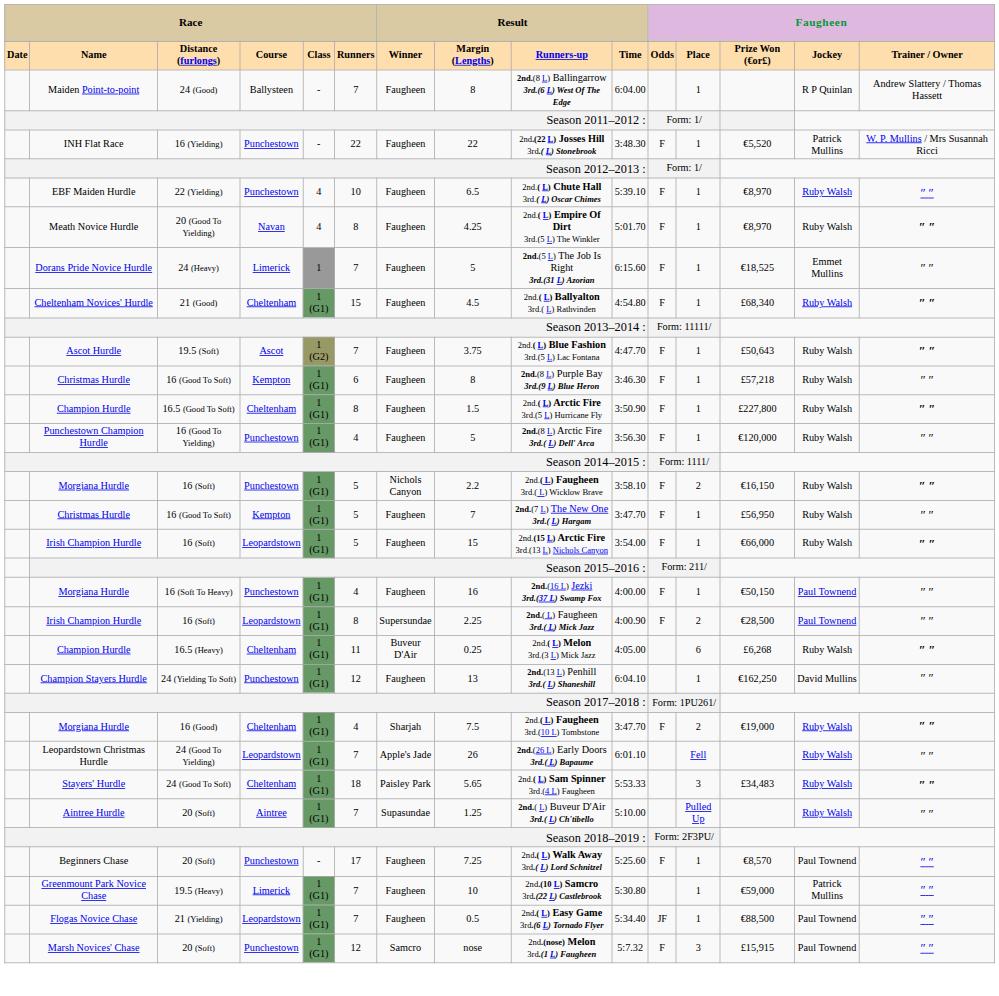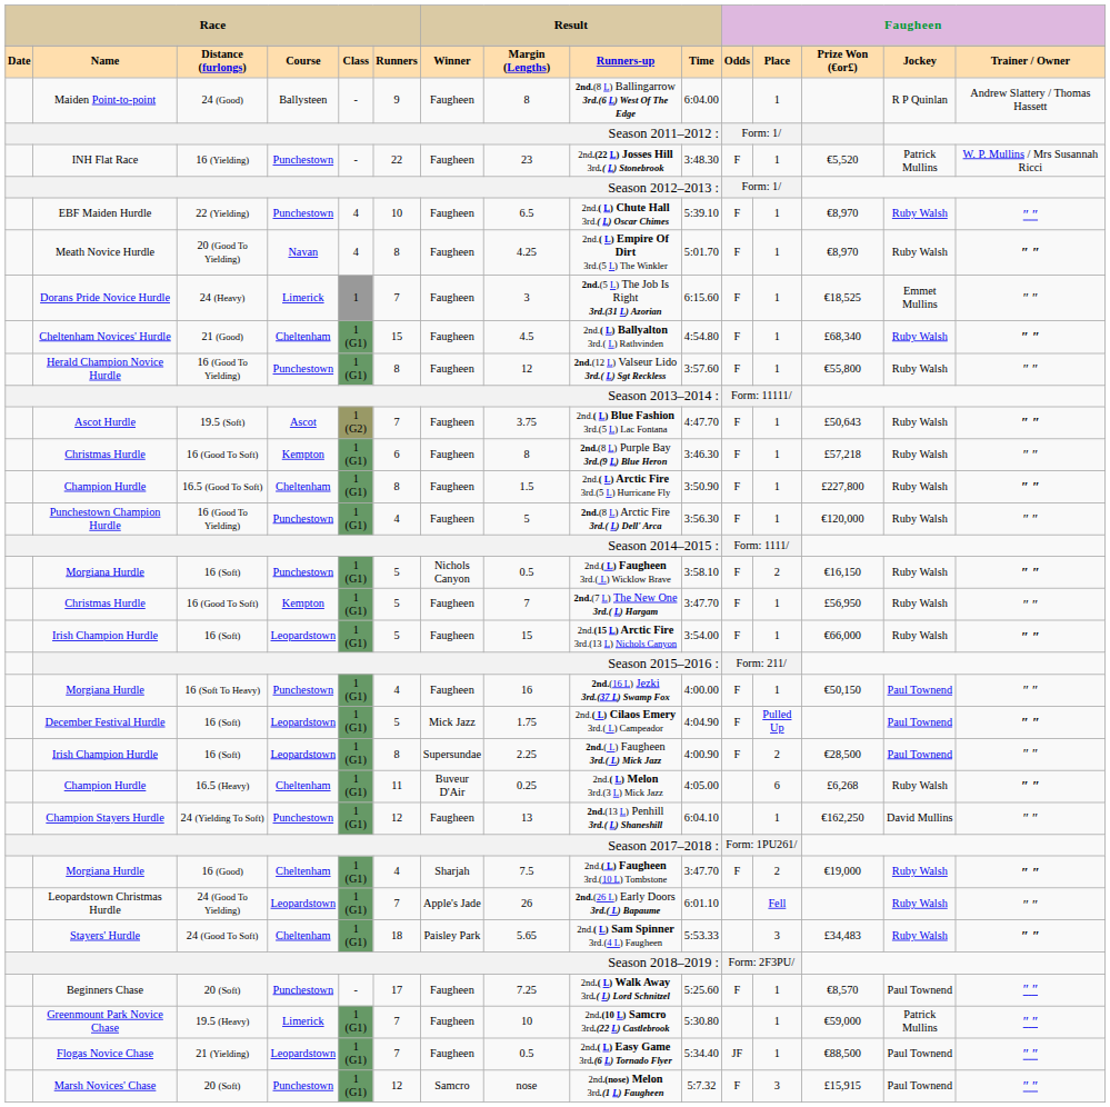 <table class = "wikitable sortable" | border="1" cellpadding="1" style="text-align:center; margin-left:1em; float:center; border-collapse: collapse; font-size:80%">
 <tr>
 <th colspan="6" style="background-color: #dacaa4; height:40px;font-size:90%"><big>Race</big></th>
 <th colspan="4" style="background-color: #dacaa4;height:40px;font-size:90%"><big>Result</big></th>
 <th colspan="5" style="background-color: #DEB8DF; color:#009933; letter-spacing: 0.75px;height:40px;font-size:92%"><big>Faugheen</big></th>
 </tr>
 <tr>
 </tr>
 <tr style="background:#FAEBD7; text-align:center;">
 <th style="background-color:#ffdead;">Date</th>
 <th style="background-color:#ffdead;" class="unsortable">Name</th>
 <th style="background-color:#ffdead;">Distance (<a href='#'>furlongs</a>)</th>
 <th style="background-color:#ffdead;">Course</th>
 <th style="background-color:#ffdead;">Class</th>
 <th style="background-color:#ffdead;" data-sort-type="number">Runners</th>
 <th style="background-color:#ffdead;" width="60px">Winner</th>
 <th style="background-color:#ffdead;" data-sort-type="number">Margin (<a href='#'>Lengths</a>)</th>
 <th style="background-color:#ffdead;" class="unsortable" width="120px"><a href='#'>Runners-up</a></th>
 <th style="background-color:#ffdead;">Time</th>
 <th style="background-color:#ffdead; ">Odds</th>
 <th style="background-color:#ffdead; " data-sort-type="number">Place</th>
 <th style="background-color:#ffdead; " data-sort-type="number">Prize Won (€or£)</th>
 <th style="background-color:#ffdead; ">Jockey</th>
 <th style="background-color:#ffdead;  ">Trainer / Owner</th>
 </tr>
 <tr>
 <td cellpadding="3" style="text-align:right;"><a href='#'></a></td>
 <td>Maiden <a href='#'>Point-to-point</a></td>
 <td>24 <small>(Good)</small></td>
 <td>Ballysteen</td>
 <td>-</td>
-<td>7</td>
+<td>9</td>
 <td>Faugheen</td>
 <td>8</td>
 <td><small><strong>2nd.</strong>(8 <a href='#'>L</a>)</small> Ballingarrow<br><small><strong><em>3rd<em>.<strong>(6 <a href='#'>L</a>) West Of The Edge</small></td>
 <td>6:04.00</td>
 <td></td>
 <td>1</td>
 <td></td>
 <td>R P Quinlan</td>
 <td>Andrew Slattery  / Thomas Hassett </td>
 </tr>
 <tr>
 <th colspan="10" style="text-align:right;font-weight: normal;"><big>Season 2011–2012 :</big></th>
 <th colspan="2" style="text-align:center;font-weight: normal;">Form: 1/</th>
 <th style="text-align:center;font-weight: normal;"></th>
 </tr>
 <tr>
 <td style="text-align:right;"><a href='#'></a></td>
 <td>INH Flat Race</td>
 <td>16 <small>(Yielding)</small></td>
 <td><a href='#'>Punchestown</a></td>
 <td>-</td>
 <td>22</td>
 <td>Faugheen</td>
-<td>22</td>
+<td>23</td>
 <td><small></strong>2nd<strong>.(22 <a href='#'>L</a>)</small> Josses Hill<br><small></em></strong>3rd<strong><em>.( <a href='#'>L</a>) Stonebrook</small></td>
 <td>3:48.30</td>
 <td>F</td>
 <td>1</td>
 <td>€5,520</td>
 <td>Patrick Mullins</td>
 <td><a href='#'>W. P. Mullins</a> / Mrs Susannah Ricci</td>
 </tr>
 <tr>
 <th colspan="10" style="text-align:right;font-weight: normal;"><big>Season 2012–2013 :</big></th>
 <th colspan="2" style="text-align:center;font-weight: normal;">Form: 1/</th>
 </tr>
 <tr>
 <td style="text-align:right;"><a href='#'></a></td>
 <td>EBF Maiden Hurdle</td>
 <td>22 <small>(Yielding)</small></td>
 <td><a href='#'>Punchestown</a></td>
 <td>4</td>
 <td>10</td>
 <td>Faugheen</td>
 <td>6.5</td>
 <td><small></strong>2nd.<strong>( <a href='#'>L</a>)</small> Chute Hall<br><small></em></strong>3rd.<strong><em>( <a href='#'>L</a>) Oscar Chimes</small></td>
 <td>5:39.10</td>
 <td>F</td>
 <td>1</td>
 <td>€8,970</td>
 <td><a href='#'>Ruby Walsh</a></td>
 <td><a href='#'><big> </strong>″<strong> </strong>″<strong> </big></a></td>
 </tr>
 <tr>
 <td style="text-align:right;"><a href='#'></a></td>
 <td>Meath Novice Hurdle</td>
 <td>20 <small>(Good To Yielding)</small></td>
 <td><a href='#'>Navan</a></td>
 <td>4</td>
 <td>8</td>
 <td>Faugheen</td>
 <td>4.25</td>
 <td><small></strong>2nd.<strong>( <a href='#'>L</a>)</small> Empire Of Dirt <br><small></em></strong>3rd</em>.</strong>(5 <a href='#'>L</a>) The Winkler </small></td>
 <td>5:01.70</td>
 <td>F</td>
 <td>1</td>
 <td>€8,970</td>
 <td>Ruby Walsh</td>
 <td><big> <strong>″</strong> <strong>″</strong> </big></td>
 </tr>
 <tr>
 <td style="text-align:right;"><a href='#'></a></td>
 <td><a href='#'>Dorans Pride Novice Hurdle</a></td>
 <td>24 <small>(Heavy)</small></td>
 <td><a href='#'>Limerick</a></td>
 <td style="background:#999999;">1  </td>
 <td>7</td>
 <td>Faugheen</td>
-<td>5</td>
+<td>3</td>
 <td><small><strong>2nd.</strong>(5 <a href='#'>L</a>)</small> The Job Is Right<br><small><strong><em>3rd<em>.<strong>(31 <a href='#'>L</a>) Azorian </small></td>
 <td>6:15.60</td>
 <td>F</td>
 <td>1</td>
 <td>€18,525</td>
 <td>Emmet Mullins</td>
 <td><big> </strong>″<strong> </strong>″<strong> </big></td>
 </tr>
 <tr>
 <td style="text-align:right;"><a href='#'></a></td>
 <td><a href='#'>Cheltenham Novices' Hurdle</a></td>
 <td>21 <small>(Good)</small></td>
 <td><a href='#'>Cheltenham</a></td>
 <td style="background:#669966;">1 (G1)</td>
 <td>15</td>
 <td>Faugheen</td>
 <td>4.5</td>
 <td><small></strong>2nd.<strong>( <a href='#'>L</a>)</small> Ballyalton <br><small></em></strong>3rd</em>.</strong>( <a href='#'>L</a>) Rathvinden </small></td>
 <td>4:54.80</td>
 <td>F</td>
 <td>1</td>
 <td>£68,340</td>
 <td><a href='#'>Ruby Walsh</a></td>
 <td><big> <strong>″</strong> <strong>″</strong> </big></td>
+</tr>
+<tr>
+<td style="text-align:right;"><a href='#'></a></td>
+<td><a href='#'>Herald Champion Novice Hurdle</a></td>
+<td>16 <small>(Good To Yielding)</small></td>
+<td><a href='#'>Punchestown</a></td>
+<td style="background:#669966;">1 (G1)</td>
+<td>8</td>
+<td>Faugheen</td>
+<td>12</td>
+<td><small><strong>2nd.</strong>(12 <a href='#'>L</a>)</small> Valseur Lido <br> <small><strong><em>3rd<em>.<strong>( <a href='#'>L</a>) Sgt Reckless </small></td>
+<td>3:57.60</td>
+<td>F</td>
+<td>1</td>
+<td>€55,800</td>
+<td>Ruby Walsh</td>
+<td><big> </strong>″<strong> </strong>″<strong> </big></td>
 </tr>
 <tr>
 <th colspan="10" style="text-align:right;font-weight: normal;"><big>Season 2013–2014 :</big></th>
 <th colspan="2" style="text-align:center;font-weight: normal;">Form: 11111/</th>
 </tr>
 <tr>
 <td style="text-align:right;"><a href='#'></a></td>
 <td><a href='#'>Ascot Hurdle</a></td>
 <td>19.5 <small>(Soft)</small></td>
 <td><a href='#'>Ascot</a></td>
 <td style="background:#999966;">1 (G2)</td>
 <td>7</td>
 <td>Faugheen</td>
 <td>3.75</td>
 <td><small></strong>2nd.<strong>( <a href='#'>L</a>)</small> Blue Fashion <br> <small></em></strong>3rd</em>.</strong>(5 <a href='#'>L</a>) Lac Fontana </small></td>
 <td>4:47.70</td>
 <td>F</td>
 <td>1</td>
 <td>£50,643</td>
 <td>Ruby Walsh</td>
 <td><big> <strong>″</strong> <strong>″</strong> </big></td>
 </tr>
 <tr>
 <td style="text-align:right;"><a href='#'></a></td>
 <td><a href='#'>Christmas Hurdle</a></td>
 <td>16 <small>(Good To Soft)</small></td>
 <td><a href='#'>Kempton</a></td>
 <td style="background:#669966;">1 (G1)</td>
 <td>6</td>
 <td>Faugheen</td>
 <td>8</td>
 <td><small><strong>2nd.</strong>(8 <a href='#'>L</a>)</small> Purple Bay <br> <small><strong><em>3rd<em>.<strong>(9 <a href='#'>L</a>) Blue Heron </small></td>
 <td>3:46.30</td>
 <td>F</td>
 <td>1</td>
 <td>£57,218</td>
 <td>Ruby Walsh</td>
 <td><big> </strong>″<strong> </strong>″<strong> </big></td>
 </tr>
 <tr>
 <td style="text-align:right;"><a href='#'></a></td>
 <td><a href='#'>Champion Hurdle</a></td>
 <td>16.5 <small>(Good To Soft)</small></td>
 <td><a href='#'>Cheltenham</a></td>
 <td style="background:#669966;">1 (G1)</td>
 <td>8</td>
 <td>Faugheen</td>
 <td>1.5</td>
 <td><small></strong>2nd.<strong>( <a href='#'>L</a>)</small> Arctic Fire <br> <small></em></strong>3rd</em>.</strong>(5 <a href='#'>L</a>) Hurricane Fly </small></td>
 <td>3:50.90</td>
 <td>F</td>
 <td>1</td>
 <td>£227,800</td>
 <td>Ruby Walsh</td>
 <td><big> <strong>″</strong> <strong>″</strong> </big></td>
 </tr>
 <tr>
 <td style="text-align:right;"><a href='#'></a></td>
 <td><a href='#'>Punchestown Champion Hurdle</a></td>
 <td>16 <small>(Good To Yielding)</small></td>
 <td><a href='#'>Punchestown</a></td>
 <td style="background:#669966;">1 (G1)</td>
 <td>4</td>
 <td>Faugheen</td>
 <td>5</td>
 <td><small><strong>2nd.</strong>(8 <a href='#'>L</a>)</small> Arctic Fire <br> <small><strong><em>3rd<em>.<strong>( <a href='#'>L</a>) Dell' Arca </small></td>
 <td>3:56.30</td>
 <td>F</td>
 <td>1</td>
 <td>€120,000</td>
 <td>Ruby Walsh</td>
 <td><big> </strong>″<strong> </strong>″<strong> </big></td>
 </tr>
 <tr>
 <th colspan="10" style="text-align:right;font-weight: normal;"><big>Season 2014–2015 :</big></th>
 <th colspan="2" style="text-align:center;font-weight: normal;">Form: 1111/</th>
 </tr>
 <tr>
 <td style="text-align:right;"><a href='#'></a></td>
 <td><a href='#'>Morgiana Hurdle</a></td>
 <td>16 <small>(Soft)</small></td>
 <td><a href='#'>Punchestown</a></td>
 <td style="background:#669966;">1 (G1)</td>
 <td>5</td>
 <td>Nichols Canyon</td>
-<td>2.2</td>
+<td>0.5</td>
 <td><small></strong>2nd.<strong>(<a href='#'> L</a>)</small> Faugheen <br> <small></em></strong>3rd</em>.</strong>(<a href='#'> L</a>) Wicklow Brave </small></td>
 <td>3:58.10</td>
 <td>F</td>
 <td>2</td>
 <td>€16,150</td>
 <td>Ruby Walsh</td>
 <td><big> <strong>″</strong> <strong>″</strong> </big></td>
 </tr>
 <tr>
 <td style="text-align:right;"><a href='#'></a></td>
 <td><a href='#'>Christmas Hurdle</a></td>
 <td>16 <small>(Good To Soft)</small></td>
 <td><a href='#'>Kempton</a></td>
 <td style="background:#669966;">1 (G1)</td>
 <td>5</td>
 <td>Faugheen</td>
 <td>7</td>
 <td><small><strong>2nd.</strong>(7 <a href='#'>L</a>)</small> <a href='#'>The New One</a> <br> <small><strong><em>3rd<em>.<strong>( <a href='#'>L</a>) Hargam </small></td>
 <td>3:47.70</td>
 <td>F</td>
 <td>1</td>
 <td>£56,950</td>
 <td>Ruby Walsh</td>
 <td><big> </strong>″<strong> </strong>″<strong> </big></td>
 </tr>
 <tr>
 <td style="text-align:right;"><a href='#'></a></td>
 <td><a href='#'>Irish Champion Hurdle</a></td>
 <td>16 <small>(Soft)</small></td>
 <td><a href='#'>Leopardstown</a></td>
 <td style="background:#669966;">1 (G1)</td>
 <td>5</td>
 <td>Faugheen</td>
 <td>15</td>
 <td><small></strong>2nd.<strong>(15 <a href='#'>L</a>)</small> Arctic Fire <br> <small></em></strong>3rd</em>.</strong>(13 <a href='#'>L</a>) <a href='#'>Nichols Canyon</a></small></td>
 <td>3:54.00</td>
 <td>F</td>
 <td>1</td>
 <td>€66,000</td>
 <td>Ruby Walsh</td>
 <td><big> <strong>″</strong> <strong>″</strong> </big></td>
 </tr>
 <tr>
 <td style="text-align:right;"><a href='#'></a></td>
 <th colspan="9" style="text-align:right;font-weight: normal;"><big>Season 2015–2016 :</big></th>
 <th colspan="2" style="text-align:center;font-weight: normal;">Form: 211/</th>
 </tr>
 <tr>
 <td style="text-align:right;"><a href='#'></a></td>
 <td><a href='#'>Morgiana Hurdle</a></td>
 <td>16 <small>(Soft To Heavy)</small></td>
 <td><a href='#'>Punchestown</a></td>
 <td style="background:#669966;">1 (G1)</td>
 <td>4</td>
 <td>Faugheen</td>
 <td>16</td>
 <td><small><strong>2nd.</strong>(<a href='#'>16 L</a>)</small> <a href='#'>Jezki</a><br> <small><strong><em>3rd<em>.<strong>(<a href='#'>37 L</a>) Swamp Fox </small></td>
 <td>4:00.00</td>
 <td>F</td>
 <td>1</td>
 <td>€50,150</td>
 <td><a href='#'>Paul Townend</a></td>
 <td><big> </strong>″<strong> </strong>″<strong> </big></td>
+</tr>
+<tr>
+<td style="text-align:right;"><a href='#'></a></td>
+<td><a href='#'>December Festival Hurdle</a></td>
+<td>16 <small>(Soft)</small></td>
+<td><a href='#'>Leopardstown</a></td>
+<td style="background:#669966;">1 (G1)</td>
+<td>5</td>
+<td>Mick Jazz</td>
+<td>1.75</td>
+<td><small></strong>2nd.<strong>(<a href='#'> L</a>)</small> Cilaos Emery <br> <small></em></strong>3rd</em>.</strong>(<a href='#'> L</a>) Campeador </small></td>
+<td>4:04.90</td>
+<td>F</td>
+<td><a href='#'>Pulled Up</a></td>
+<td></td>
+<td><a href='#'>Paul Townend</a></td>
+<td><big> <strong>″</strong> <strong>″</strong> </big></td>
 </tr>
 <tr>
 <td style="text-align:right;"><a href='#'></a></td>
 <td><a href='#'>Irish Champion Hurdle</a></td>
 <td>16 <small>(Soft)</small></td>
 <td><a href='#'>Leopardstown</a></td>
 <td style="background:#669966;">1 (G1)</td>
 <td>8</td>
 <td>Supersundae</td>
 <td>2.25</td>
 <td><small><strong>2nd.</strong>(<a href='#'> L</a>)</small> Faugheen <br> <small><strong><em>3rd<em>.<strong>(<a href='#'> L</a>) Mick Jazz </small></td>
 <td>4:00.90</td>
 <td>F</td>
 <td>2</td>
 <td>€28,500</td>
 <td><a href='#'>Paul Townend</a></td>
 <td><big> </strong>″<strong> </strong>″<strong> </big></td>
 </tr>
 <tr>
 <td style="text-align:right;"><a href='#'></a></td>
 <td><a href='#'>Champion Hurdle</a></td>
 <td>16.5 <small>(Heavy)</small></td>
 <td><a href='#'>Cheltenham</a></td>
 <td style="background:#669966;">1 (G1)</td>
 <td>11</td>
 <td>Buveur D'Air</td>
 <td>0.25</td>
 <td><small></strong>2nd.<strong>( <a href='#'>L</a>)</small> Melon <br> <small></em></strong>3rd</em>.</strong>(3 <a href='#'>L</a>) Mick Jazz </small></td>
 <td>4:05.00</td>
 <td></td>
 <td>6</td>
 <td>£6,268</td>
 <td>Ruby Walsh</td>
 <td><big> <strong>″</strong> <strong>″</strong> </big></td>
 </tr>
 <tr>
 <td style="text-align:right;"><a href='#'></a></td>
 <td><a href='#'>Champion Stayers Hurdle</a></td>
 <td>24 <small>(Yielding To Soft)</small></td>
 <td><a href='#'>Punchestown</a></td>
 <td style="background:#669966;">1 (G1)</td>
 <td>12</td>
 <td>Faugheen</td>
 <td>13</td>
 <td><small><strong>2nd.</strong>(13 <a href='#'>L</a>)</small> Penhill <br> <small><strong><em>3rd<em>.<strong>( <a href='#'>L</a>) Shaneshill </small></td>
 <td>6:04.10</td>
 <td></td>
 <td>1</td>
 <td>€162,250</td>
 <td>David Mullins</td>
 <td><big> </strong>″<strong> </strong>″<strong> </big></td>
 </tr>
 <tr>
 <th colspan="10" style="text-align:right;font-weight: normal;"><big>Season 2017–2018 :</big></th>
 <th colspan="2" style="text-align:center;font-weight: normal;">Form: 1PU261/</th>
 </tr>
 <tr>
 <td style="text-align:right;"><a href='#'></a></td>
 <td><a href='#'>Morgiana Hurdle</a></td>
 <td>16 <small>(Good)</small></td>
 <td><a href='#'>Cheltenham</a></td>
 <td style="background:#669966;">1 (G1)</td>
 <td>4</td>
 <td>Sharjah</td>
 <td>7.5</td>
 <td><small></strong>2nd.<strong>(<a href='#'> L</a>)</small> Faugheen <br> <small></em></strong>3rd</em>.</strong>(<a href='#'>10 L</a>) Tombstone </small></td>
 <td>3:47.70</td>
 <td>F</td>
 <td>2</td>
 <td>€19,000</td>
 <td><a href='#'>Ruby Walsh</a></td>
 <td><big> <strong>″</strong> <strong>″</strong> </big></td>
 </tr>
 <tr>
 <td style="text-align:right;"><a href='#'></a></td>
 <td>Leopardstown Christmas Hurdle</td>
 <td>24 <small>(Good To Yielding)</small></td>
 <td><a href='#'>Leopardstown</a></td>
 <td style="background:#669966;">1 (G1)</td>
 <td>7</td>
 <td>Apple's Jade</td>
 <td>26</td>
 <td><small><strong>2nd.</strong>(<a href='#'>26 L</a>)</small> Early Doors <br> <small><strong><em>3rd<em>.<strong>(<a href='#'> L</a>) Bapaume </small></td>
 <td>6:01.10</td>
 <td></td>
 <td><a href='#'>Fell</a></td>
 <td></td>
 <td><a href='#'>Ruby Walsh</a></td>
 <td><big> </strong>″<strong> </strong>″<strong> </big></td>
 </tr>
 <tr>
 <td style="text-align:right;"><a href='#'></a></td>
 <td><a href='#'>Stayers' Hurdle</a></td>
 <td>24 <small>(Good To Soft)</small></td>
 <td><a href='#'>Cheltenham</a></td>
 <td style="background:#669966;">1 (G1)</td>
 <td>18</td>
 <td>Paisley Park</td>
 <td>5.65</td>
 <td><small></strong>2nd.<strong>( <a href='#'>L</a>)</small> Sam Spinner <br><small></em></strong>3rd</em>.</strong>(<a href='#'>4 L</a>) Faugheen </small></td>
 <td>5:53.33</td>
 <td></td>
 <td>3</td>
 <td>£34,483</td>
 <td><a href='#'>Ruby Walsh</a></td>
 <td><big> <strong>″</strong> <strong>″</strong> </big></td>
 </tr>
 <tr>
-<td style="text-align:right;"><a href='#'></a></td>
-<td><a href='#'>Aintree Hurdle</a></td>
-<td>20 <small>(Soft)</small></td>
-<td><a href='#'>Aintree</a></td>
-<td style="background:#669966;">1 (G1)</td>
-<td>7</td>
-<td>Supasundae</td>
-<td>1.25</td>
-<td><small><strong>2nd.</strong>( <a href='#'>L</a>)</small> Buveur D'Air <br><small><strong><em>3rd<em>.<strong>( <a href='#'>L</a>) Ch'tibello </small></td>
-<td>5:10.00</td>
-<td></td>
-<td><a href='#'>Pulled Up</a></td>
-<td></td>
-<td><a href='#'>Ruby Walsh</a></td>
-<td><big> </strong>″<strong> </strong>″<strong> </big></td>
-</tr>
-<tr>
 <th colspan="10" style="text-align:right;font-weight: normal;"><big>Season 2018–2019 :</big></th>
 <th colspan="2" style="text-align:center;font-weight: normal;">Form: 2F3PU/</th>
 </tr>
 <tr>
 <td style="text-align:right;"><a href='#'></a></td>
 <td>Beginners Chase</td>
 <td>20 <small>(Soft)</small></td>
 <td><a href='#'>Punchestown</a></td>
 <td>-</td>
 <td>17</td>
 <td>Faugheen</td>
 <td>7.25</td>
 <td><small></strong>2nd<strong>.( <a href='#'>L</a>)</small> Walk Away<br><small></em></strong>3rd<strong><em>.( <a href='#'>L</a>) Lord Schnitzel</small></td>
 <td>5:25.60</td>
 <td>F</td>
 <td>1</td>
 <td>€8,570</td>
 <td>Paul Townend</td>
 <td><a href='#'><big> </strong>″<strong> </strong>″<strong> </big></a></td>
 </tr>
 <tr>
 <td style="text-align:right;"><a href='#'></a></td>
 <td><a href='#'>Greenmount Park Novice Chase</a></td>
 <td>19.5 <small>(Heavy)</small></td>
 <td><a href='#'>Limerick</a></td>
 <td style="background:#669966;">1 (G1)</td>
 <td>7</td>
 <td>Faugheen</td>
 <td>10</td>
 <td><small></strong>2nd<strong>.(10 <a href='#'>L</a>)</small> Samcro<br><small></em></strong>3rd<strong><em>.(22 <a href='#'>L</a>) Castlebrook</small></td>
 <td>5:30.80</td>
 <td></td>
 <td>1</td>
 <td>€59,000</td>
 <td>Patrick Mullins</td>
 <td><a href='#'><big> </strong>″<strong> </strong>″<strong> </big></a></td>
 </tr>
 <tr>
 <td style="text-align:right;"><a href='#'></a></td>
 <td><a href='#'>Flogas Novice Chase</a></td>
 <td>21 <small>(Yielding)</small></td>
 <td><a href='#'>Leopardstown</a></td>
 <td style="background:#669966;">1 (G1)</td>
 <td>7</td>
 <td>Faugheen</td>
 <td>0.5</td>
 <td><small></strong>2nd<strong>.( <a href='#'>L</a>)</small> Easy Game<br><small></em></strong>3rd<strong><em>.(6 <a href='#'>L</a>) Tornado Flyer</small></td>
 <td>5:34.40</td>
 <td>JF</td>
 <td>1</td>
 <td>€88,500</td>
 <td>Paul Townend</td>
 <td><a href='#'><big> </strong>″<strong> </strong>″<strong> </big></a></td>
 </tr>
 <tr>
 <td style="text-align:right;"><a href='#'></a></td>
 <td><a href='#'>Marsh Novices' Chase</a></td>
 <td>20 <small>(Soft)</small></td>
 <td><a href='#'>Punchestown</a></td>
 <td style="background:#669966;">1 (G1)</td>
 <td>12</td>
 <td>Samcro</td>
 <td>nose</td>
 <td><small></strong>2nd<strong>.(nose)</small> Melon<br><small></em></strong>3rd<strong><em>.(1 <a href='#'>L</a>) Faugheen</small></td>
 <td>5:7.32</td>
 <td>F</td>
 <td>3</td>
 <td>£15,915</td>
 <td>Paul Townend</td>
 <td><a href='#'><big> </strong>″<strong> </strong>″<strong> </big></a></td>
 </tr>
 </table>
